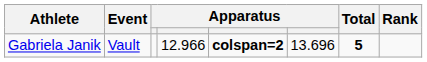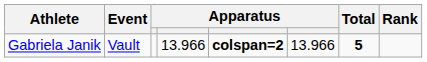 <table class="wikitable" style="font-size:90%">
 <tr>
 <th rowspan=2>Athlete</th>
 <th rowspan=2>Event</th>
 <th colspan =4>Apparatus</th>
 <th rowspan=2>Total</th>
 <th rowspan=2>Rank</th>
 </tr>
 <tr style="font-size:95%">
 <th></th>
 <th></th>
 <th></th>
 <th></th>
 </tr>
 <tr align=center>
 <td align=left><a href='#'>Gabriela Janik</a></td>
 <td align=left><a href='#'>Vault</a></td>
 <td></td>
-<td>12.966</td>
+<td>13.966</td>
 <td><strong>colspan=2 </strong></td>
-<td>13.696</td>
+<td>13.966</td>
 <td><strong>5</strong></td>
 </tr>
 </table>
